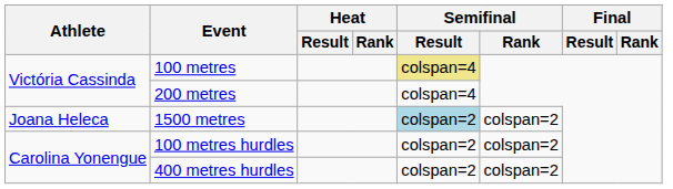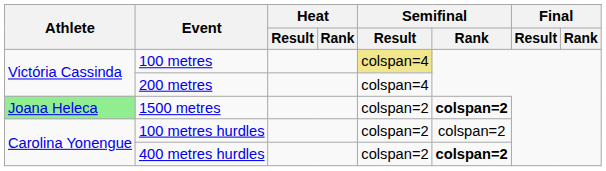 <table class="wikitable" style="font-size:90%">
 <tr>
 <th rowspan="2">Athlete</th>
 <th rowspan="2">Event</th>
 <th colspan="2">Heat</th>
 <th colspan="2">Semifinal</th>
 <th colspan="2">Final</th>
 </tr>
 <tr style="font-size:95%">
 <th>Result</th>
 <th>Rank</th>
 <th>Result</th>
 <th>Rank</th>
 <th>Result</th>
 <th>Rank</th>
 </tr>
 <tr align=center>
 <td align=left rowspan=2><a href='#'>Victória Cassinda</a></td>
 <td align=left><a href='#'>100 metres</a></td>
 <td colspan=2></td>
 <td style="background: khaki;">colspan=4 </td>
 </tr>
 <tr align=center>
 <td align=left><a href='#'>200 metres</a></td>
 <td colspan=2></td>
 <td>colspan=4 </td>
 </tr>
 <tr align=center>
-<td align=left><a href='#'>Joana Heleca</a></td>
+<td align=left style="background: lightgreen;"><a href='#'>Joana Heleca</a></td>
 <td align=left><a href='#'>1500 metres</a></td>
 <td colspan=2></td>
-<td style="background: lightblue;">colspan=2 </td>
 <td>colspan=2 </td>
+<td><strong>colspan=2 </strong></td>
 </tr>
 <tr align=center>
 <td align=left rowspan=2><a href='#'>Carolina Yonengue</a></td>
 <td align=left><a href='#'>100 metres hurdles</a></td>
 <td colspan=2></td>
 <td>colspan=2 </td>
 <td>colspan=2 </td>
 </tr>
 <tr align=center>
 <td align=left><a href='#'>400 metres hurdles</a></td>
 <td colspan=2></td>
 <td>colspan=2 </td>
-<td>colspan=2 </td>
+<td><strong>colspan=2 </strong></td>
 </tr>
 </table>
